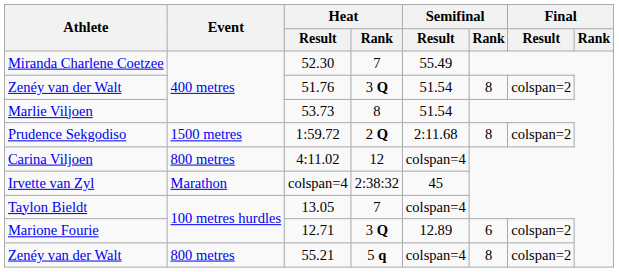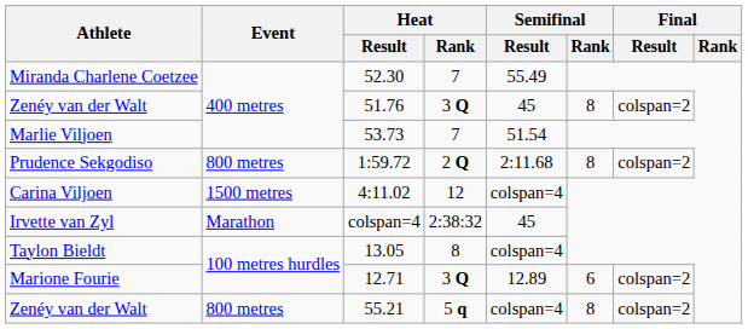 <table class="wikitable" style="font-size:90%">
 <tr>
 <th rowspan="2">Athlete</th>
 <th rowspan="2">Event</th>
 <th colspan="2">Heat</th>
 <th colspan="2">Semifinal</th>
 <th colspan="2">Final</th>
 </tr>
 <tr style="font-size:95%">
 <th>Result</th>
 <th>Rank</th>
 <th>Result</th>
 <th>Rank</th>
 <th>Result</th>
 <th>Rank</th>
 </tr>
 <tr align=center>
 <td align=left><a href='#'>Miranda Charlene Coetzee</a></td>
 <td align=left rowspan=3><a href='#'>400 metres</a></td>
 <td>52.30</td>
 <td>7</td>
 <td>55.49</td>
 </tr>
 <tr align=center>
 <td align=left><a href='#'>Zenéy van der Walt</a></td>
 <td>51.76</td>
 <td>3 <strong>Q</strong></td>
-<td>51.54</td>
+<td>45</td>
 <td>8</td>
 <td>colspan=2 </td>
 </tr>
 <tr align=center>
 <td align=left><a href='#'>Marlie Viljoen</a></td>
 <td>53.73</td>
-<td>8</td>
+<td>7</td>
 <td>51.54</td>
 </tr>
 <tr align=center>
 <td align=left><a href='#'>Prudence Sekgodiso</a></td>
-<td align=left><a href='#'>1500 metres</a></td>
+<td align=left><a href='#'>800 metres</a></td>
 <td>1:59.72</td>
 <td>2 <strong>Q</strong></td>
 <td>2:11.68</td>
 <td>8</td>
 <td>colspan=2 </td>
 </tr>
 <tr align=center>
 <td align=left><a href='#'>Carina Viljoen</a></td>
-<td align=left><a href='#'>800 metres</a></td>
+<td align=left><a href='#'>1500 metres</a></td>
 <td>4:11.02</td>
 <td>12</td>
 <td>colspan=4 </td>
 </tr>
 <tr align=center>
 <td align=left><a href='#'>Irvette van Zyl</a></td>
 <td align=left><a href='#'>Marathon</a></td>
 <td>colspan=4</td>
 <td>2:38:32 </td>
 <td>45</td>
 </tr>
 <tr align=center>
 <td align=left><a href='#'>Taylon Bieldt</a></td>
 <td align=left rowspan=2><a href='#'>100 metres hurdles</a></td>
 <td>13.05</td>
-<td>7</td>
+<td>8</td>
 <td>colspan=4 </td>
 </tr>
 <tr align=center>
 <td align=left><a href='#'>Marione Fourie</a></td>
 <td>12.71</td>
 <td>3 <strong>Q</strong></td>
 <td>12.89</td>
 <td>6</td>
 <td>colspan=2 </td>
 </tr>
 <tr align=center>
 <td align=left><a href='#'>Zenéy van der Walt</a></td>
 <td align=left><a href='#'>800 metres</a></td>
 <td>55.21</td>
 <td>5 <strong>q</strong></td>
 <td>colspan=4 </td>
 <td>8</td>
 <td>colspan=2 </td>
 </tr>
 </table>
